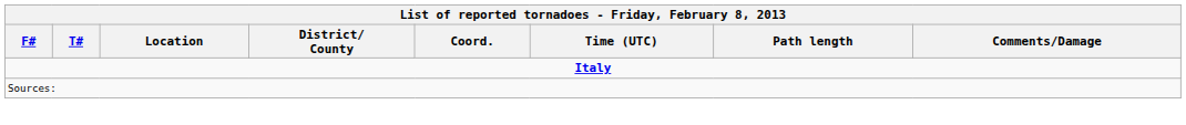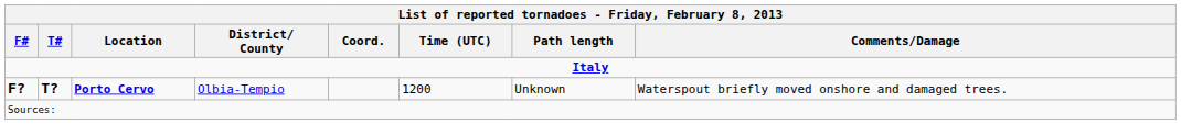 <table class="wikitable collapsible" width="100%">
 <tr>
 <th colspan="8">List of reported tornadoes - Friday, February 8, 2013</th>
 </tr>
 <tr>
 <th><a href='#'>F#</a></th>
 <th><a href='#'>T#</a></th>
 <th>Location</th>
 <th>District/<br>County</th>
 <th>Coord.</th>
 <th>Time (UTC)</th>
 <th>Path length</th>
 <th>Comments/Damage</th>
 </tr>
 <tr>
 <td colspan="8" align=center><strong><a href='#'>Italy</a></strong></td>
 </tr>
 <tr>
+<td><big><strong>F?</strong></big></td>
+<td><big><strong>T?</strong></big></td>
+<td><strong><a href='#'>Porto Cervo</a></strong></td>
+<td><a href='#'>Olbia-Tempio</a></td>
+<td></td>
+<td>1200</td>
+<td>Unknown</td>
+<td>Waterspout briefly moved onshore and damaged trees.</td>
+</tr>
+<tr>
 <td colspan="8"><small>Sources:  </small></td>
 </tr>
 </table>
